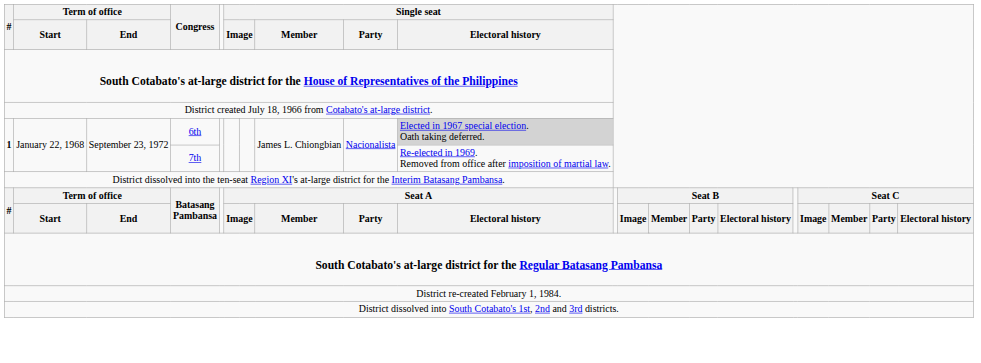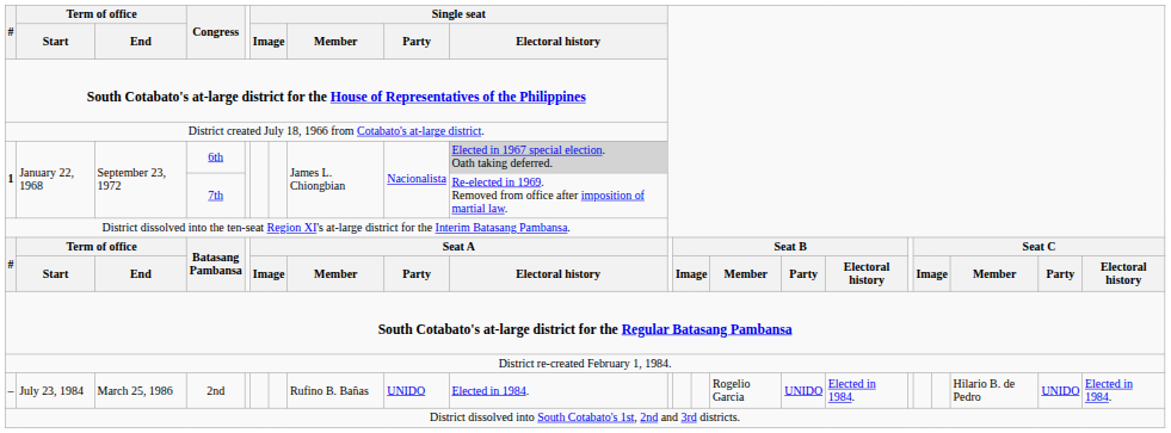 <table class=wikitable>
 <tr>
 <th rowspan=2>#</th>
 <th colspan=2>Term of office</th>
 <th rowspan=2>Congress</th>
 <td rowspan=2></td>
 <th colspan=5>Single seat</th>
 </tr>
 <tr style="height:3em">
 <th>Start</th>
 <th>End</th>
 <th colspan="2" style="text-align:center;">Image</th>
 <th>Member</th>
 <th>Party</th>
 <th>Electoral history</th>
 </tr>
 <tr>
 <td colspan="10" style="text-align:center;"><br><h3>South Cotabato's at-large district for the <a href='#'>House of Representatives of the Philippines</a></h3></td>
 </tr>
 <tr>
 <td colspan="10" style="text-align:center;">District created July 18, 1966 from <a href='#'>Cotabato's at-large district</a>.</td>
 </tr>
 <tr>
 <td rowspan="2" style="text-align:center;"><strong>1</strong></td>
 <td rowspan="2">January 22, 1968</td>
 <td rowspan="2">September 23, 1972</td>
 <td style="text-align:center;"><a href='#'>6th</a></td>
 <td rowspan="2"></td>
 <td rowspan="2" style="color:inherit;background:"></td>
 <td rowspan="2"></td>
 <td rowspan="2">James L. Chiongbian</td>
 <td rowspan="2"><a href='#'>Nacionalista</a></td>
 <td style="background: lightgrey;"><a href='#'>Elected in 1967 special election</a>.<br>Oath taking deferred.</td>
 </tr>
 <tr>
 <td style="text-align:center;"><a href='#'>7th</a></td>
 <td><a href='#'>Re-elected in 1969</a>.<br>Removed from office after <a href='#'>imposition of martial law</a>.</td>
 </tr>
 <tr>
 <td colspan="10" style="text-align:center;">District dissolved into the ten-seat <a href='#'>Region XI</a>'s at-large district for the <a href='#'>Interim Batasang Pambansa</a>.</td>
 </tr>
 <tr>
 <th rowspan=2>#</th>
 <th colspan=2>Term of office</th>
 <th rowspan=2>Batasang<br>Pambansa</th>
 <td rowspan=2></td>
 <th colspan=5>Seat A</th>
 <td rowspan=2></td>
 <th colspan=5>Seat B</th>
 <td rowspan=2></td>
 <th colspan=5>Seat C</th>
 </tr>
 <tr style="height:3em">
 <th>Start</th>
 <th>End</th>
 <th colspan="2" style="text-align:center;">Image</th>
 <th>Member</th>
 <th>Party</th>
 <th>Electoral history</th>
 <th colspan="2" style="text-align:center;">Image</th>
 <th>Member</th>
 <th>Party</th>
 <th>Electoral history</th>
 <th colspan="2" style="text-align:center;">Image</th>
 <th>Member</th>
 <th>Party</th>
 <th>Electoral history</th>
 </tr>
 <tr>
 <td colspan="22" style="text-align:center;"><br><h3>South Cotabato's at-large district for the <a href='#'>Regular Batasang Pambansa</a></h3></td>
 </tr>
 <tr>
 <td colspan="22" style="text-align:center;">District re-created February 1, 1984.</td>
 </tr>
+<tr style="height:3em">
+<td style="text-align:center;">–</td>
+<td>July 23, 1984</td>
+<td>March 25, 1986</td>
+<td style="text-align:center;">2nd</td>
+<td></td>
+<td style="color:inherit;background:"></td>
+<td></td>
+<td>Rufino B. Bañas</td>
+<td><a href='#'>UNIDO</a></td>
+<td><a href='#'>Elected in 1984</a>.</td>
+<td></td>
+<td style="color:inherit;background:"></td>
+<td></td>
+<td>Rogelio Garcia</td>
+<td><a href='#'>UNIDO</a></td>
+<td><a href='#'>Elected in 1984</a>.</td>
+<td></td>
+<td style="color:inherit;background:"></td>
+<td></td>
+<td>Hilario B. de Pedro</td>
+<td><a href='#'>UNIDO</a></td>
+<td><a href='#'>Elected in 1984</a>.</td>
+</tr>
 <tr>
 <td colspan="22" style="text-align:center;">District dissolved into <a href='#'>South Cotabato's 1st</a>, <a href='#'>2nd</a> and <a href='#'>3rd</a> districts.</td>
 </tr>
 </table>
